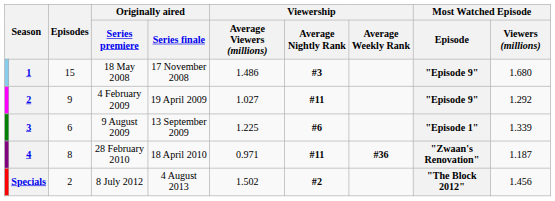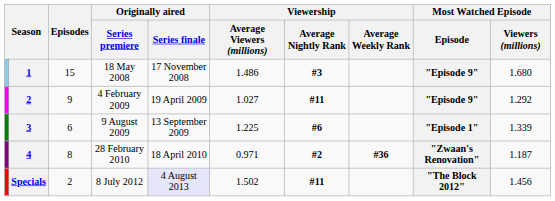 <table class="wikitable" style="text-align: center;">
 <tr>
 <th scope="col" colspan="2" rowspan="2">Season</th>
 <th scope="col" rowspan="2">Episodes</th>
 <th scope="col" colspan="2">Originally aired</th>
 <th scope="col" colspan="3">Viewership</th>
 <th scope="col" colspan="3">Most Watched Episode</th>
 </tr>
 <tr>
 <th scope="col"><a href='#'>Series premiere</a></th>
 <th scope="col"><a href='#'>Series finale</a></th>
 <th scope="col">Average Viewers <em>(millions)</em></th>
 <th scope="col">Average Nightly Rank</th>
 <th scope="col">Average Weekly Rank</th>
 <th scope="col">Episode</th>
 <th scope="col">Viewers <em>(millions)</em></th>
 </tr>
 <tr style="text-align:center;">
 <td bgcolor="skyblue"></td>
 <th><a href='#'>1</a></th>
 <td>15</td>
 <td>18 May 2008</td>
 <td>17 November 2008</td>
 <td>1.486</td>
 <td><strong>#3</strong></td>
 <td></td>
 <th>"Episode 9"</th>
 <td>1.680</td>
 </tr>
 <tr style="text-align:center;">
 <td bgcolor="magenta"></td>
 <th><a href='#'>2</a></th>
 <td>9</td>
 <td>4 February 2009</td>
 <td>19 April 2009</td>
 <td>1.027</td>
 <td><strong>#11</strong></td>
 <td></td>
 <th>"Episode 9"</th>
 <td>1.292</td>
 </tr>
 <tr style="text-align:center;">
 <td bgcolor="green"></td>
 <th><a href='#'>3</a></th>
 <td>6</td>
 <td>9 August 2009</td>
 <td>13 September 2009</td>
 <td>1.225</td>
 <td><strong>#6</strong></td>
 <td></td>
 <th>"Episode 1"</th>
 <td>1.339</td>
 </tr>
 <tr style="text-align:center;">
 <td bgcolor="purple"></td>
 <th><a href='#'>4</a></th>
 <td>8</td>
 <td>28 February 2010</td>
 <td>18 April 2010</td>
 <td>0.971</td>
-<td><strong>#11</strong></td>
+<td><strong>#2</strong></td>
 <td><strong>#36</strong></td>
 <th>"Zwaan's Renovation"</th>
 <td>1.187</td>
 </tr>
 <tr style="text-align:center;">
 <td bgcolor="red"></td>
 <th><a href='#'>Specials</a></th>
 <td>2</td>
 <td>8 July 2012</td>
-<td>4 August 2013</td>
+<td style="background: lavender;">4 August 2013</td>
 <td>1.502</td>
-<td><strong>#2</strong></td>
+<td><strong>#11</strong></td>
 <td></td>
 <th>"The Block 2012"</th>
 <td>1.456</td>
 </tr>
 </table>
